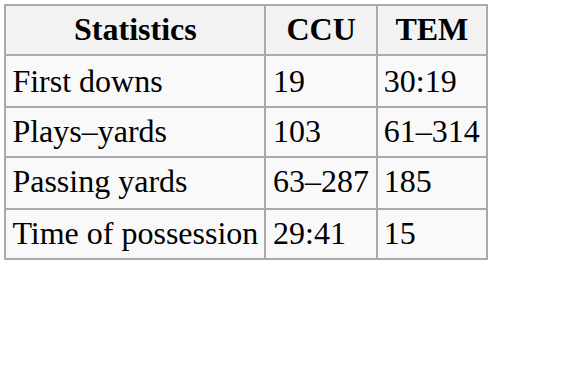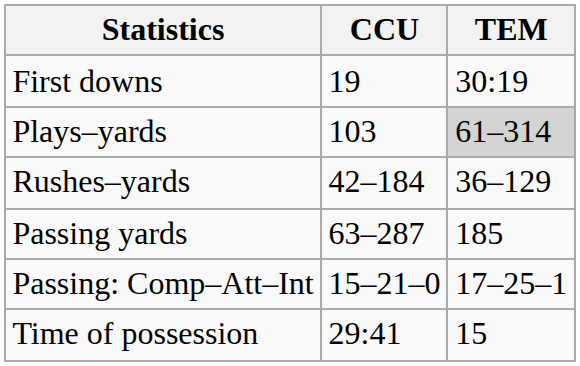 <table class="wikitable" style="float: left;">
 <tr>
 <th>Statistics</th>
 <th>CCU</th>
 <th>TEM</th>
 </tr>
 <tr>
 <td>First downs</td>
 <td>19</td>
 <td>30:19</td>
 </tr>
 <tr>
 <td>Plays–yards</td>
 <td>103</td>
-<td>61–314</td>
+<td style="background: lightgrey;">61–314</td>
+</tr>
+<tr>
+<td>Rushes–yards</td>
+<td>42–184</td>
+<td>36–129</td>
 </tr>
 <tr>
 <td>Passing yards</td>
 <td>63–287</td>
 <td>185</td>
+</tr>
+<tr>
+<td>Passing: Comp–Att–Int</td>
+<td>15–21–0</td>
+<td>17–25–1</td>
 </tr>
 <tr>
 <td>Time of possession</td>
 <td>29:41</td>
 <td>15</td>
 </tr>
 <tr>
 </tr>
 </table>
